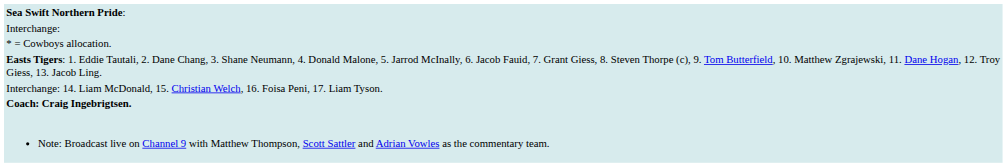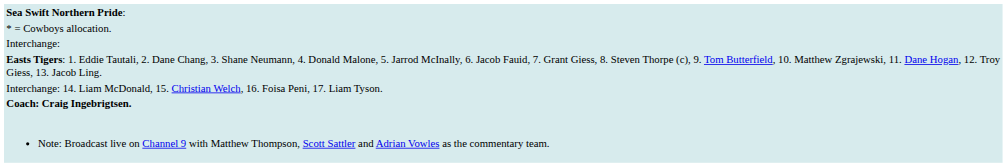 <table style="background:#d7ebed; font-size:85%; width:100%;">
 <tr>
 <td><strong>Sea Swift Northern Pride</strong>:             </td>
 </tr>
 <tr>
-<td>Interchange:    </td>
+<td>* = Cowboys allocation.</td>
 </tr>
 <tr>
-<td>* = Cowboys allocation.</td>
+<td>Interchange:    </td>
 </tr>
 <tr>
 <td><strong>Easts Tigers</strong>: 1. Eddie Tautali, 2. Dane Chang, 3. Shane Neumann, 4. Donald Malone, 5. Jarrod McInally, 6. Jacob Fauid, 7. Grant Giess, 8. Steven Thorpe (c), 9. <a href='#'>Tom Butterfield</a>, 10. Matthew Zgrajewski, 11. <a href='#'>Dane Hogan</a>, 12. Troy Giess, 13. Jacob Ling.</td>
 </tr>
 <tr>
 <td>Interchange: 14. Liam McDonald, 15. <a href='#'>Christian Welch</a>, 16. Foisa Peni, 17. Liam Tyson.</td>
 </tr>
 <tr>
 <td><strong>Coach: Craig Ingebrigtsen.</strong></td>
 </tr>
 <tr>
 <td><br><ul><li>Note: Broadcast live on <a href='#'>Channel 9</a> with Matthew Thompson, <a href='#'>Scott Sattler</a> and <a href='#'>Adrian Vowles</a> as the commentary team.</li></ul></td>
 </tr>
 </table>
